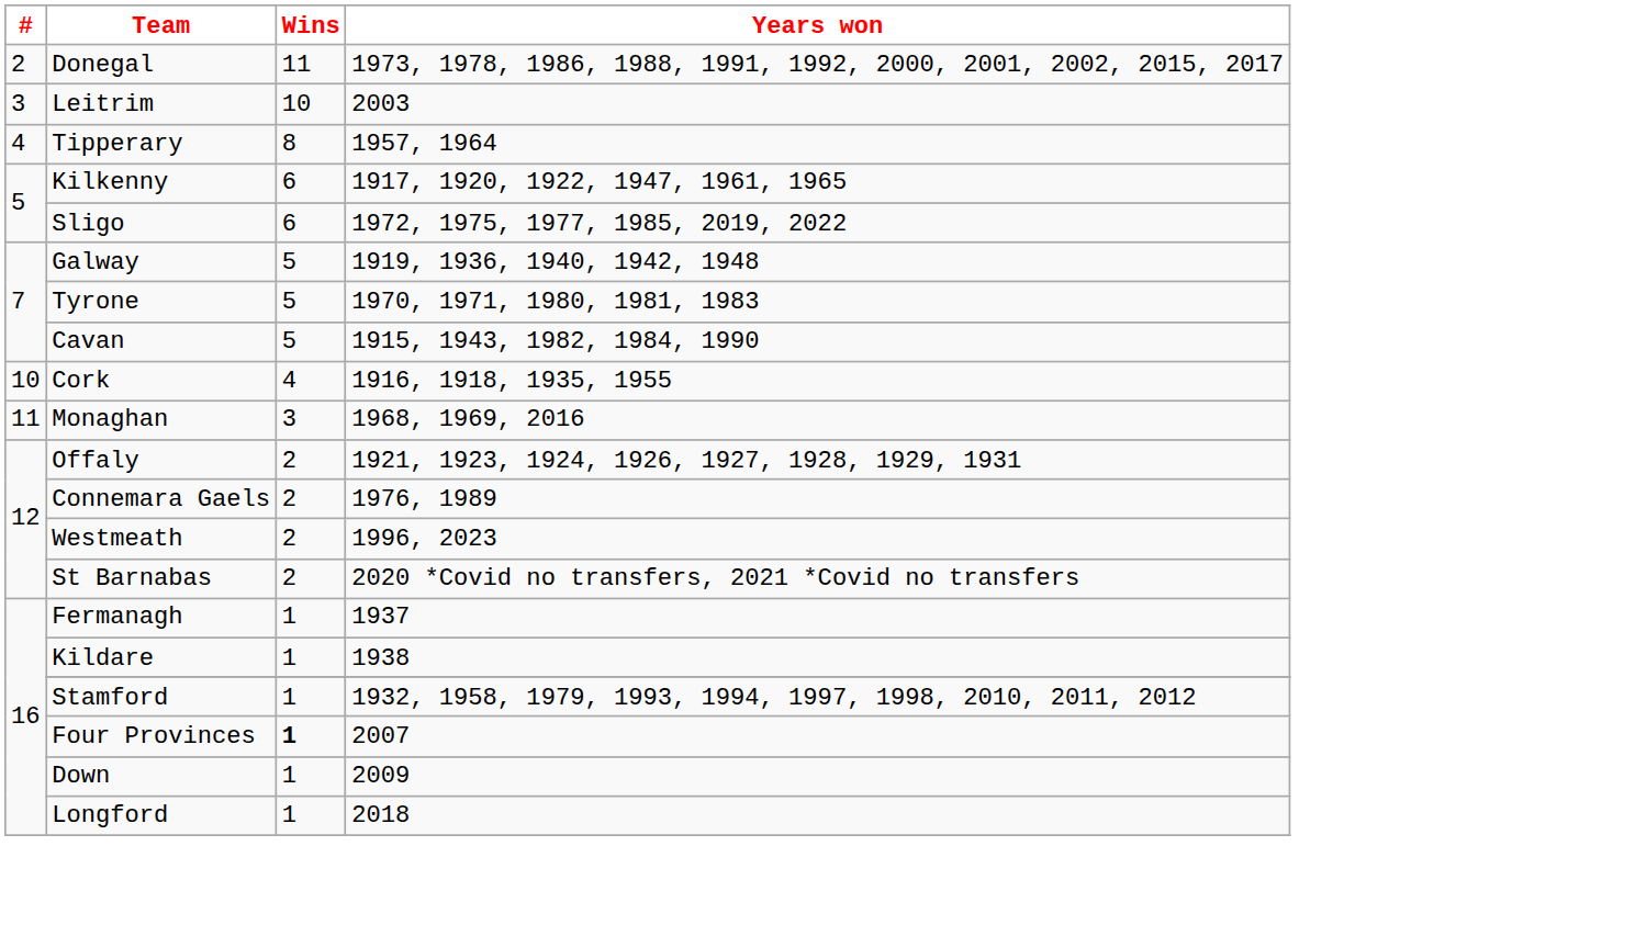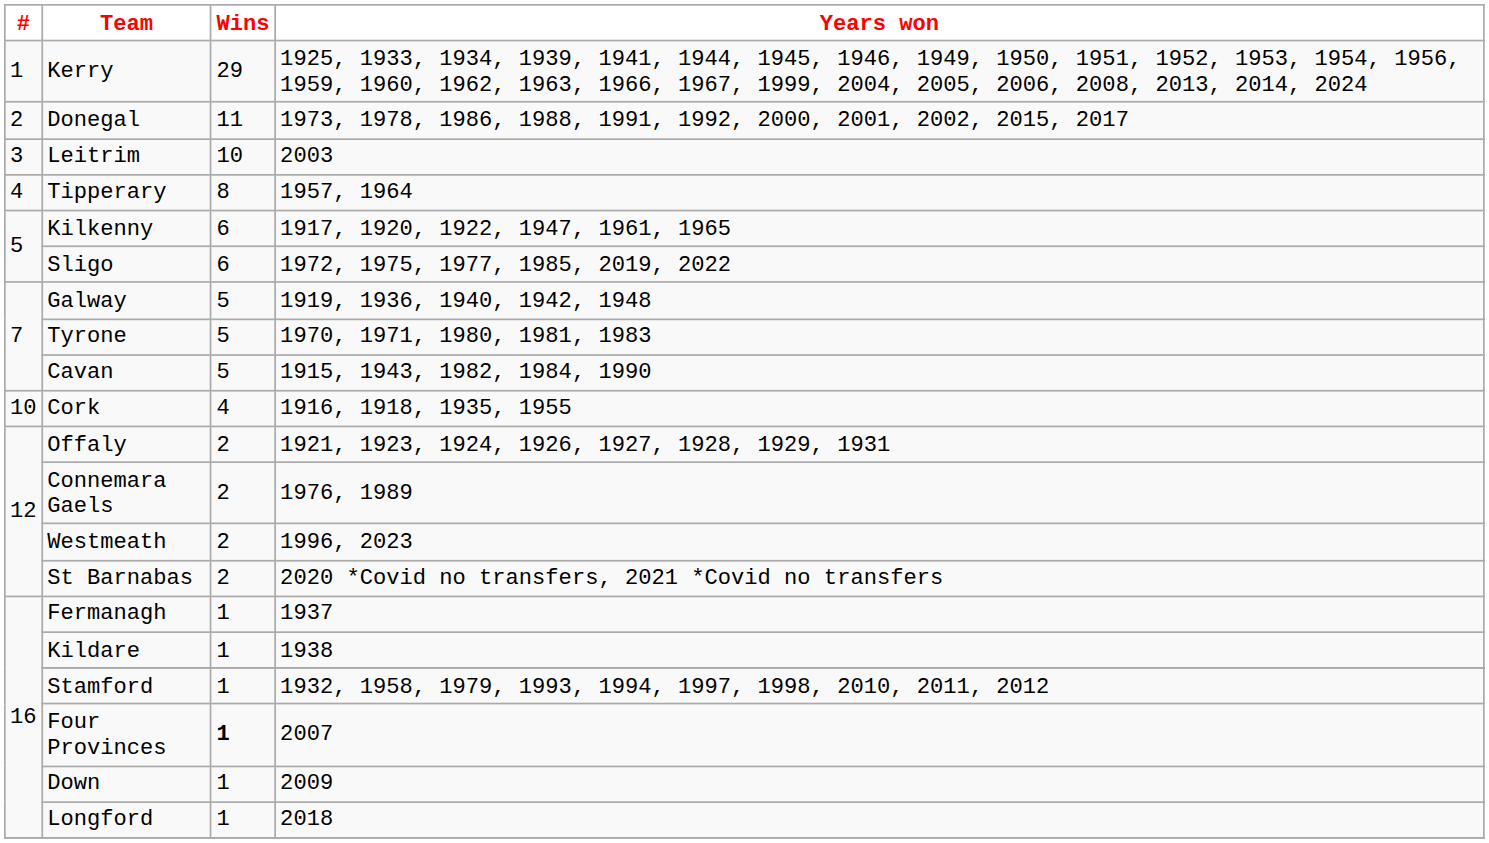 <table class="wikitable">
 <tr>
 <th style="background:white;color:red;">#</th>
 <th style="background:white;color:red;">Team</th>
 <th style="background:white;color:red;">Wins</th>
 <th style="background:white;color:red;">Years won</th>
+</tr>
+<tr>
+<td>1</td>
+<td>Kerry</td>
+<td>29</td>
+<td>1925, 1933, 1934, 1939, 1941, 1944, 1945, 1946, 1949, 1950, 1951, 1952, 1953, 1954, 1956, 1959, 1960, 1962, 1963, 1966, 1967, 1999, 2004, 2005, 2006, 2008, 2013, 2014, 2024</td>
 </tr>
 <tr>
 <td>2</td>
 <td>Donegal</td>
 <td>11</td>
 <td>1973, 1978, 1986, 1988, 1991, 1992, 2000, 2001, 2002, 2015, 2017</td>
 </tr>
 <tr>
 <td>3</td>
 <td>Leitrim</td>
 <td>10</td>
 <td>2003</td>
 </tr>
 <tr>
 <td>4</td>
 <td>Tipperary</td>
 <td>8</td>
 <td>1957, 1964</td>
 </tr>
 <tr>
 <td rowspan="2">5</td>
 <td>Kilkenny</td>
 <td>6</td>
 <td>1917, 1920, 1922, 1947, 1961, 1965</td>
 </tr>
 <tr>
 <td>Sligo</td>
 <td>6</td>
 <td>1972, 1975, 1977, 1985, 2019, 2022</td>
 </tr>
 <tr>
 <td rowspan="3">7</td>
 <td>Galway</td>
 <td>5</td>
 <td>1919, 1936, 1940, 1942, 1948</td>
 </tr>
 <tr>
 <td>Tyrone</td>
 <td>5</td>
 <td>1970, 1971, 1980, 1981, 1983</td>
 </tr>
 <tr>
 <td>Cavan</td>
 <td>5</td>
 <td>1915, 1943, 1982, 1984, 1990</td>
 </tr>
 <tr>
 <td>10</td>
 <td>Cork</td>
 <td>4</td>
 <td>1916, 1918, 1935, 1955</td>
-</tr>
-<tr>
-<td>11</td>
-<td>Monaghan</td>
-<td>3</td>
-<td>1968, 1969, 2016</td>
 </tr>
 <tr>
 <td rowspan="4">12</td>
 <td>Offaly</td>
 <td>2</td>
 <td>1921, 1923, 1924, 1926, 1927, 1928, 1929, 1931</td>
 </tr>
 <tr>
 <td>Connemara Gaels</td>
 <td>2</td>
 <td>1976, 1989</td>
 </tr>
 <tr>
 <td>Westmeath</td>
 <td>2</td>
 <td>1996, 2023</td>
 </tr>
 <tr>
 <td>St Barnabas</td>
 <td>2</td>
 <td>2020 *Covid no transfers, 2021 *Covid no transfers</td>
 </tr>
 <tr>
 <td rowspan="7">16</td>
 <td>Fermanagh</td>
 <td>1</td>
 <td>1937</td>
 </tr>
 <tr>
 <td>Kildare</td>
 <td>1</td>
 <td>1938</td>
 </tr>
 <tr>
 </tr>
 <tr>
 <td>Stamford</td>
 <td>1</td>
 <td>1932, 1958, 1979, 1993, 1994, 1997, 1998, 2010, 2011, 2012</td>
 </tr>
 <tr>
 <td>Four Provinces</td>
 <td><strong>1</strong></td>
 <td>2007</td>
 </tr>
 <tr>
 <td>Down</td>
 <td>1</td>
 <td>2009</td>
 </tr>
 <tr>
 <td>Longford</td>
 <td>1</td>
 <td>2018</td>
 </tr>
 <tr>
 </tr>
 </table>
